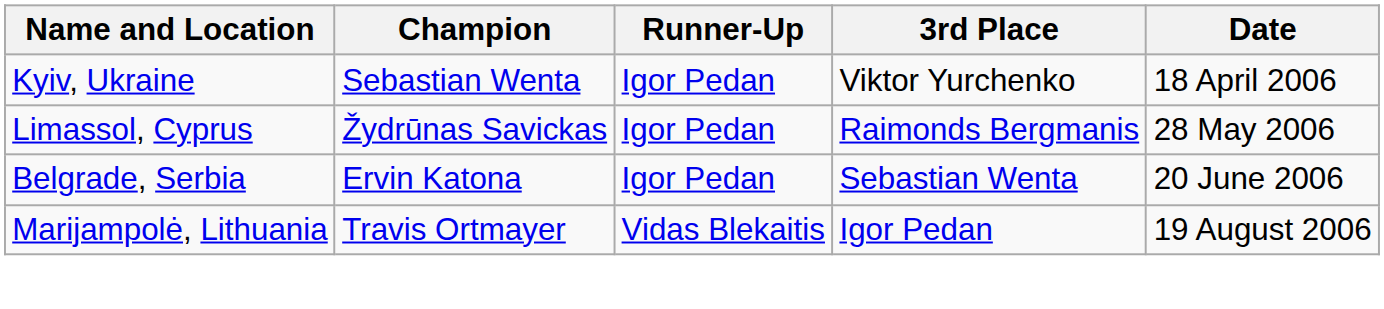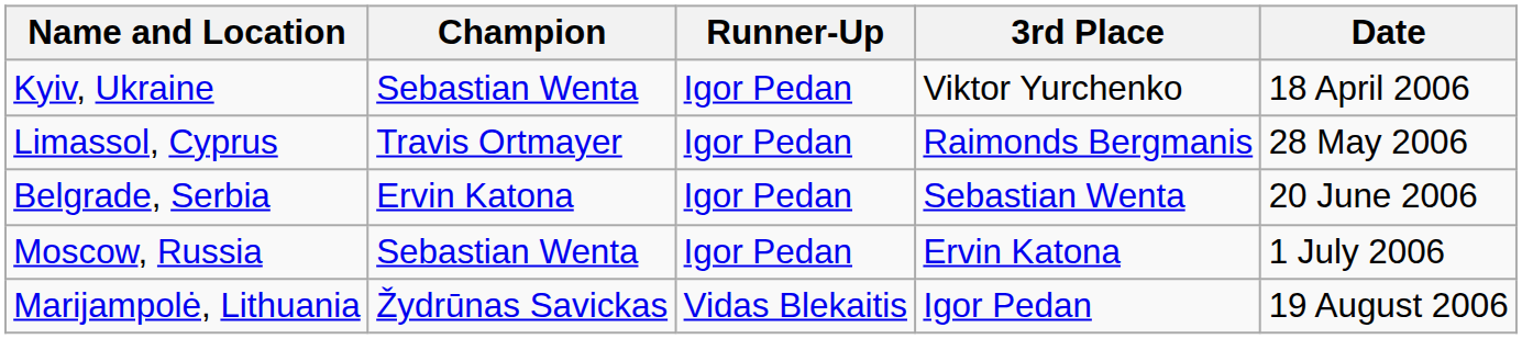 <table class="wikitable" style="display: inline-table">
 <tr>
 <th>Name and Location</th>
 <th>Champion</th>
 <th>Runner-Up</th>
 <th>3rd Place</th>
 <th>Date</th>
 </tr>
 <tr>
 <td> <a href='#'>Kyiv</a>, <a href='#'>Ukraine</a> <br> </td>
 <td> <a href='#'>Sebastian Wenta</a></td>
 <td> <a href='#'>Igor Pedan</a></td>
 <td> Viktor Yurchenko</td>
 <td>18 April 2006</td>
 </tr>
 <tr>
 <td> <a href='#'>Limassol</a>, <a href='#'>Cyprus</a> <br> </td>
-<td> <a href='#'>Žydrūnas Savickas</a></td>
+<td> <a href='#'>Travis Ortmayer</a></td>
 <td> <a href='#'>Igor Pedan</a></td>
 <td> <a href='#'>Raimonds Bergmanis</a></td>
 <td>28 May 2006</td>
 </tr>
 <tr>
 <td> <a href='#'>Belgrade</a>, <a href='#'>Serbia</a> <br> </td>
 <td> <a href='#'>Ervin Katona</a></td>
 <td> <a href='#'>Igor Pedan</a></td>
 <td> <a href='#'>Sebastian Wenta</a></td>
 <td>20 June 2006</td>
 </tr>
 <tr>
+<td> <a href='#'>Moscow</a>, <a href='#'>Russia</a> <br> </td>
+<td> <a href='#'>Sebastian Wenta</a></td>
+<td> <a href='#'>Igor Pedan</a></td>
+<td> <a href='#'>Ervin Katona</a></td>
+<td>1 July 2006</td>
+</tr>
+<tr>
 <td> <a href='#'>Marijampolė</a>, <a href='#'>Lithuania</a> <br> </td>
-<td> <a href='#'>Travis Ortmayer</a></td>
+<td> <a href='#'>Žydrūnas Savickas</a></td>
 <td> <a href='#'>Vidas Blekaitis</a></td>
 <td> <a href='#'>Igor Pedan</a></td>
 <td>19 August 2006</td>
 </tr>
 </table>
